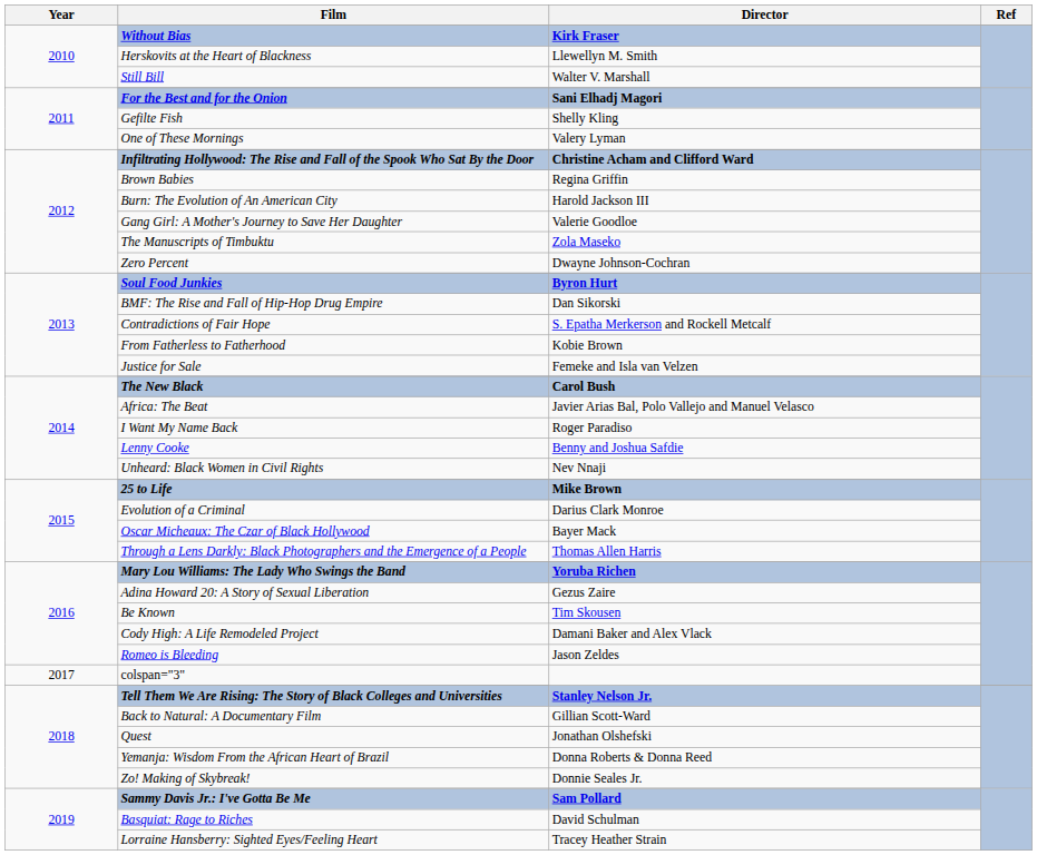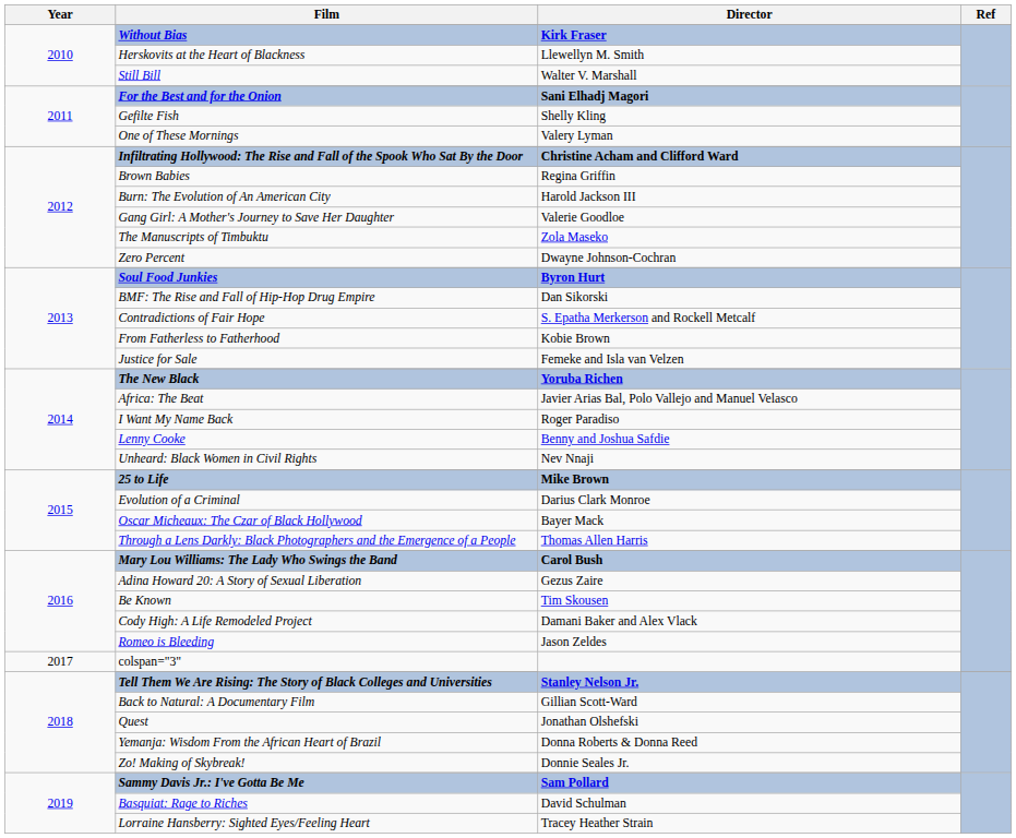 <table class="wikitable" style="width:100%;">
 <tr style="background:#bebebe;">
 <th style="width:11%;">Year</th>
 <th style="width:42%;">Film</th>
 <th style="width:42%;">Director</th>
 <th style="width:5%;">Ref</th>
 </tr>
 <tr>
 <td rowspan="4" align="center"><a href='#'>2010</a></td>
 </tr>
 <tr style="background:#B0C4DE">
 <td><strong><em><a href='#'>Without Bias</a></em></strong></td>
 <td><strong><a href='#'>Kirk Fraser</a></strong></td>
 <td rowspan="4" align="center"></td>
 </tr>
 <tr>
 <td><em>Herskovits at the Heart of Blackness</em></td>
 <td>Llewellyn M. Smith</td>
 </tr>
 <tr>
 <td><em><a href='#'>Still Bill</a></em></td>
 <td>Walter V. Marshall</td>
 </tr>
 <tr>
 <td rowspan="4" align="center"><a href='#'>2011</a></td>
 </tr>
 <tr style="background:#B0C4DE">
 <td><strong><em><a href='#'>For the Best and for the Onion</a></em></strong></td>
 <td><strong>Sani Elhadj Magori</strong></td>
 <td rowspan="4" align="center"></td>
 </tr>
 <tr>
 <td><em>Gefilte Fish</em></td>
 <td>Shelly Kling</td>
 </tr>
 <tr>
 <td><em>One of These Mornings</em></td>
 <td>Valery Lyman</td>
 </tr>
 <tr>
 <td rowspan="7" align="center"><a href='#'>2012</a></td>
 </tr>
 <tr style="background:#B0C4DE">
 <td><strong><em>Infiltrating Hollywood: The Rise and Fall of the Spook Who Sat By the Door</em></strong></td>
 <td><strong>Christine Acham and Clifford Ward</strong></td>
 <td rowspan="7" align="center"></td>
 </tr>
 <tr>
 <td><em>Brown Babies</em></td>
 <td>Regina Griffin</td>
 </tr>
 <tr>
 <td><em>Burn: The Evolution of An American City</em></td>
 <td>Harold Jackson III</td>
 </tr>
 <tr>
 <td><em>Gang Girl: A Mother's Journey to Save Her Daughter</em></td>
 <td>Valerie Goodloe</td>
 </tr>
 <tr>
 <td><em>The Manuscripts of Timbuktu</em></td>
 <td><a href='#'>Zola Maseko</a></td>
 </tr>
 <tr>
 <td><em>Zero Percent</em></td>
 <td>Dwayne Johnson-Cochran</td>
 </tr>
 <tr>
 <td rowspan="6" align="center"><a href='#'>2013</a></td>
 </tr>
 <tr style="background:#B0C4DE">
 <td><strong><em><a href='#'>Soul Food Junkies</a></em></strong></td>
 <td><strong><a href='#'>Byron Hurt</a></strong></td>
 <td rowspan="6" align="center"></td>
 </tr>
 <tr>
 <td><em>BMF: The Rise and Fall of Hip-Hop Drug Empire</em></td>
 <td>Dan Sikorski</td>
 </tr>
 <tr>
 <td><em>Contradictions of Fair Hope</em></td>
 <td><a href='#'>S. Epatha Merkerson</a> and Rockell Metcalf</td>
 </tr>
 <tr>
 <td><em>From Fatherless to Fatherhood</em></td>
 <td>Kobie Brown</td>
 </tr>
 <tr>
 <td><em>Justice for Sale</em></td>
 <td>Femeke and Isla van Velzen</td>
 </tr>
 <tr>
 <td rowspan="6" align="center"><a href='#'>2014</a></td>
 </tr>
 <tr style="background:#B0C4DE">
 <td><strong><em>The New Black</em></strong></td>
-<td><strong>Carol Bush</strong></td>
+<td><strong><a href='#'>Yoruba Richen</a></strong></td>
 <td rowspan="6" align="center"></td>
 </tr>
 <tr>
 <td><em>Africa: The Beat</em></td>
 <td>Javier Arias Bal, Polo Vallejo and Manuel Velasco</td>
 </tr>
 <tr>
 <td><em>I Want My Name Back</em></td>
 <td>Roger Paradiso</td>
 </tr>
 <tr>
 <td><em><a href='#'>Lenny Cooke</a></em></td>
 <td><a href='#'>Benny and Joshua Safdie</a></td>
 </tr>
 <tr>
 <td><em>Unheard: Black Women in Civil Rights</em></td>
 <td>Nev Nnaji</td>
 </tr>
 <tr>
 <td rowspan="5" align="center"><a href='#'>2015</a></td>
 </tr>
 <tr style="background:#B0C4DE">
 <td><strong><em>25 to Life</em></strong></td>
 <td><strong>Mike Brown</strong></td>
 <td rowspan="5" align="center"></td>
 </tr>
 <tr>
 <td><em>Evolution of a Criminal</em></td>
 <td>Darius Clark Monroe</td>
 </tr>
 <tr>
 <td><em><a href='#'>Oscar Micheaux: The Czar of Black Hollywood</a></em></td>
 <td>Bayer Mack</td>
 </tr>
 <tr>
 <td><em><a href='#'>Through a Lens Darkly: Black Photographers and the Emergence of a People</a></em></td>
 <td><a href='#'>Thomas Allen Harris</a></td>
 </tr>
 <tr>
 <td rowspan="6" align="center"><a href='#'>2016</a></td>
 </tr>
 <tr style="background:#B0C4DE">
 <td><strong><em>Mary Lou Williams: The Lady Who Swings the Band</em></strong></td>
-<td><strong><a href='#'>Yoruba Richen</a></strong></td>
+<td><strong>Carol Bush</strong></td>
 <td rowspan="6" align="center"></td>
 </tr>
 <tr>
 <td><em>Adina Howard 20: A Story of Sexual Liberation</em></td>
 <td>Gezus Zaire</td>
 </tr>
 <tr>
 <td><em>Be Known</em></td>
 <td><a href='#'>Tim Skousen</a></td>
 </tr>
 <tr>
 <td><em>Cody High: A Life Remodeled Project</em></td>
 <td>Damani Baker and Alex Vlack</td>
 </tr>
 <tr>
 <td><em><a href='#'>Romeo is Bleeding</a></em></td>
 <td>Jason Zeldes</td>
 </tr>
 <tr>
 <td align="center">2017</td>
 <td>colspan="3" </td>
 </tr>
 <tr>
 <td rowspan="6" align="center"><a href='#'>2018</a></td>
 </tr>
 <tr style="background:#B0C4DE">
 <td><strong><em>Tell Them We Are Rising: The Story of Black Colleges and Universities</em></strong></td>
 <td><strong><a href='#'>Stanley Nelson Jr.</a></strong></td>
 <td rowspan="6" align="center"></td>
 </tr>
 <tr>
 <td><em>Back to Natural: A Documentary Film</em></td>
 <td>Gillian Scott-Ward</td>
 </tr>
 <tr>
 <td><em>Quest</em></td>
 <td>Jonathan Olshefski</td>
 </tr>
 <tr>
 <td><em>Yemanja: Wisdom From the African Heart of Brazil</em></td>
 <td>Donna Roberts & Donna Reed</td>
 </tr>
 <tr>
 <td><em>Zo! Making of Skybreak!</em></td>
 <td>Donnie Seales Jr.</td>
 </tr>
 <tr>
 <td rowspan="4" align="center"><a href='#'>2019</a></td>
 </tr>
 <tr style="background:#B0C4DE">
 <td><strong><em>Sammy Davis Jr.: I've Gotta Be Me</em></strong></td>
 <td><strong><a href='#'> Sam Pollard</a></strong></td>
 <td rowspan="4" align="center"></td>
 </tr>
 <tr>
 <td><em><a href='#'>Basquiat: Rage to Riches</a></em></td>
 <td>David Schulman</td>
 </tr>
 <tr>
 <td><em>Lorraine Hansberry: Sighted Eyes/Feeling Heart </em></td>
 <td>Tracey Heather Strain</td>
 </tr>
 </table>
